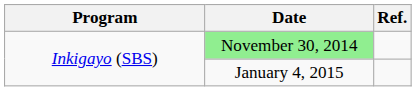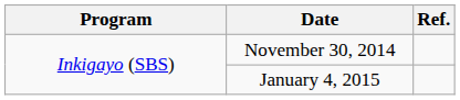 <table class="wikitable" style="text-align:center">
 <tr>
 <th width="180">Program</th>
 <th width="150">Date</th>
 <th>Ref.</th>
 </tr>
 <tr>
 <td rowspan="2"><em><a href='#'>Inkigayo</a></em> (<a href='#'>SBS</a>)</td>
-<td style="background: lightgreen;">November 30, 2014</td>
+<td>November 30, 2014</td>
 <td></td>
 </tr>
 <tr>
 <td>January 4, 2015</td>
 <td></td>
 </tr>
 </table>
